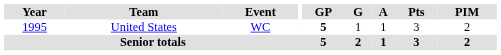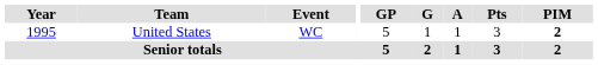 <table border="0" cellpadding="1" cellspacing="0" ID="Table3" style="text-align:center; width:40em">
 <tr bgcolor="#e0e0e0">
 <th>Year</th>
 <th>Team</th>
 <th>Event</th>
 <th rowspan="102" bgcolor="#ffffff"></th>
 <th>GP</th>
 <th>G</th>
 <th>A</th>
 <th>Pts</th>
 <th>PIM</th>
 </tr>
 <tr>
 <td><a href='#'>1995</a></td>
 <td><a href='#'>United States</a></td>
 <td><a href='#'>WC</a></td>
-<td><strong>5</strong></td>
+<td>5</td>
 <td>1</td>
 <td>1</td>
 <td>3</td>
-<td>2</td>
+<td><strong>2</strong></td>
 </tr>
 <tr bgcolor="#e0e0e0">
 <th colspan="4">Senior totals</th>
 <th>5</th>
 <th>2</th>
 <th>1</th>
 <th>3</th>
 <th>2</th>
 </tr>
 </table>
